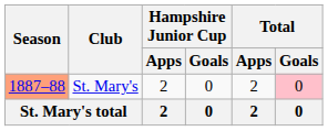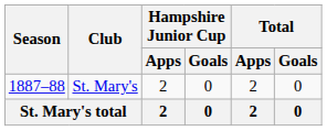 <table class="wikitable" style="text-align:center">
 <tr>
 <th rowspan="2">Season</th>
 <th rowspan="2">Club</th>
 <th colspan="2">Hampshire<br>Junior Cup</th>
 <th colspan="2">Total</th>
 </tr>
 <tr>
 <th>Apps</th>
 <th>Goals</th>
 <th>Apps</th>
 <th>Goals</th>
 </tr>
 <tr>
-<td style="background: lightsalmon;"><a href='#'>1887–88</a></td>
+<td><a href='#'>1887–88</a></td>
 <td><a href='#'>St. Mary's</a></td>
 <td>2</td>
 <td>0</td>
 <td>2</td>
-<td style="background: pink;">0</td>
+<td>0</td>
 </tr>
 <tr>
 <th colspan="2">St. Mary's total</th>
 <th>2</th>
 <th>0</th>
 <th>2</th>
 <th>0</th>
 </tr>
 </table>
